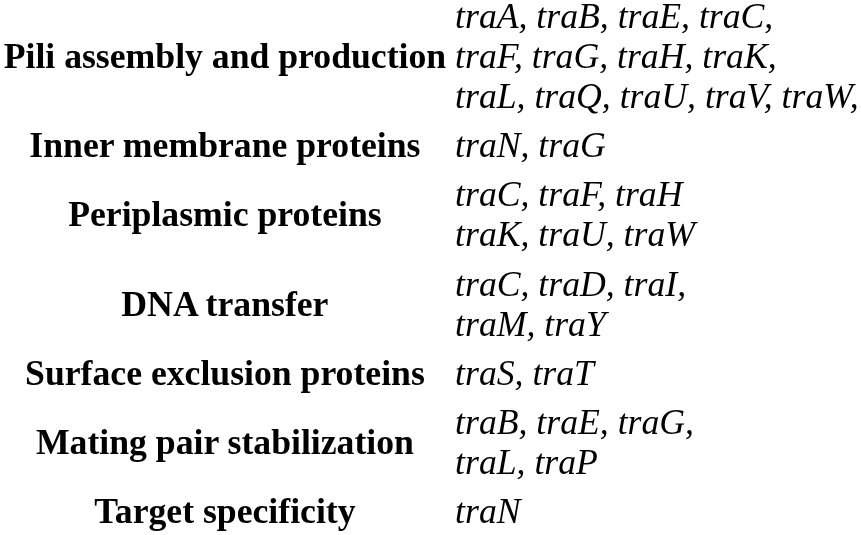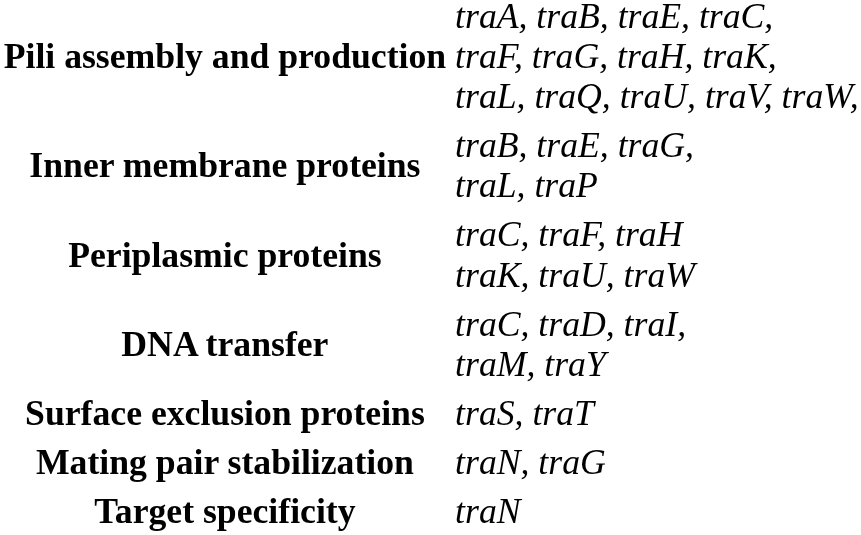 <table>
 <tr>
 <th>Pili assembly and production</th>
 <td><em>traA, traB, traE, traC,<br>traF, traG, traH, traK,<br> traL, traQ, traU, traV, traW,</em></td>
 </tr>
 <tr>
 <th>Inner membrane proteins</th>
-<td><em>traN, traG</em></td>
+<td><em>traB, traE, traG,<br>traL, traP</em></td>
 </tr>
 <tr>
 <th>Periplasmic proteins</th>
 <td><em>traC, traF, traH<br>traK, traU, traW</em></td>
 </tr>
 <tr>
 <th>DNA transfer</th>
 <td><em>traC, traD, traI,<br>traM, traY</em></td>
 </tr>
 <tr>
 <th>Surface exclusion proteins</th>
 <td><em>traS, traT</em></td>
 </tr>
 <tr>
 <th>Mating pair stabilization</th>
-<td><em>traB, traE, traG,<br>traL, traP</em></td>
+<td><em>traN, traG</em></td>
 </tr>
 <tr>
 <th>Target specificity</th>
 <td><em>traN</em></td>
 </tr>
 </table>
